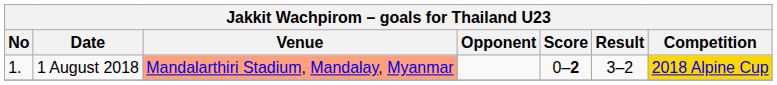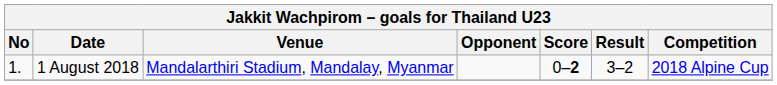 <table class="wikitable" style="font-size:95%;">
 <tr>
 <th colspan="8"><strong>Jakkit Wachpirom – goals for Thailand U23</strong></th>
 </tr>
 <tr>
 <th>No</th>
 <th>Date</th>
 <th>Venue</th>
 <th>Opponent</th>
 <th>Score</th>
 <th>Result</th>
 <th>Competition</th>
 </tr>
 <tr>
 <td>1.</td>
 <td>1 August 2018</td>
-<td style="background: lightsalmon;"><a href='#'>Mandalarthiri Stadium</a>, <a href='#'>Mandalay</a>, <a href='#'>Myanmar</a></td>
+<td><a href='#'>Mandalarthiri Stadium</a>, <a href='#'>Mandalay</a>, <a href='#'>Myanmar</a></td>
 <td></td>
 <td align=center>0–<strong>2</strong></td>
 <td align=center>3–2</td>
-<td style="background: gold;"><a href='#'>2018 Alpine Cup</a></td>
+<td><a href='#'>2018 Alpine Cup</a></td>
 </tr>
 <tr>
 </tr>
 </table>
